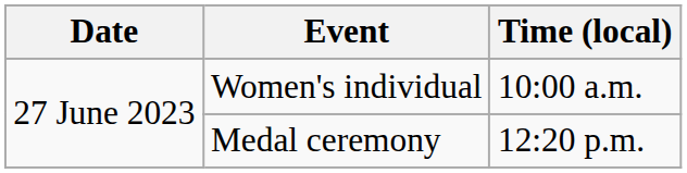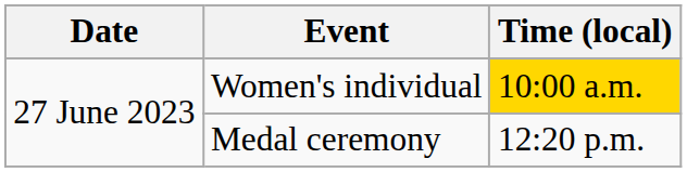 <table class="wikitable">
 <tr>
 <th>Date</th>
 <th>Event</th>
 <th>Time (local)</th>
 </tr>
 <tr>
 <td rowspan="2">27 June 2023</td>
 <td>Women's individual</td>
-<td>10:00 a.m.</td>
+<td style="background: gold;">10:00 a.m.</td>
 </tr>
 <tr>
 <td>Medal ceremony</td>
 <td>12:20 p.m.</td>
 </tr>
 </table>
